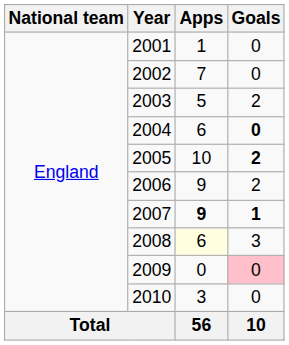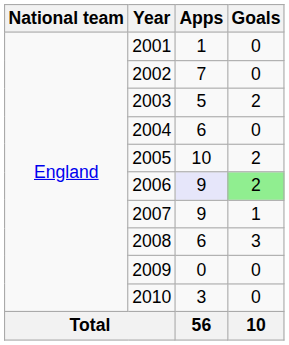 <table class="wikitable" style="text-align:center">
 <tr>
 <th>National team</th>
 <th>Year</th>
 <th>Apps</th>
 <th>Goals</th>
 </tr>
 <tr>
 <td rowspan="10"><a href='#'>England</a></td>
 <td>2001</td>
 <td>1</td>
 <td>0</td>
 </tr>
 <tr>
 <td>2002</td>
 <td>7</td>
 <td>0</td>
 </tr>
 <tr>
 <td>2003</td>
 <td>5</td>
 <td>2</td>
 </tr>
 <tr>
 <td>2004</td>
 <td>6</td>
-<td><strong>0</strong></td>
+<td>0</td>
 </tr>
 <tr>
 <td>2005</td>
 <td>10</td>
-<td><strong>2</strong></td>
+<td>2</td>
 </tr>
 <tr>
 <td>2006</td>
-<td>9</td>
-<td>2</td>
+<td style="background: lavender;">9</td>
+<td style="background: lightgreen;">2</td>
 </tr>
 <tr>
 <td>2007</td>
-<td><strong>9</strong></td>
-<td><strong>1</strong></td>
+<td>9</td>
+<td>1</td>
 </tr>
 <tr>
 <td>2008</td>
-<td style="background: lightyellow;">6</td>
+<td>6</td>
 <td>3</td>
 </tr>
 <tr>
 <td>2009</td>
 <td>0</td>
-<td style="background: pink;">0</td>
+<td>0</td>
 </tr>
 <tr>
 <td>2010</td>
 <td>3</td>
 <td>0</td>
 </tr>
 <tr>
 <th colspan="2">Total</th>
 <th>56</th>
 <th>10</th>
 </tr>
 </table>
